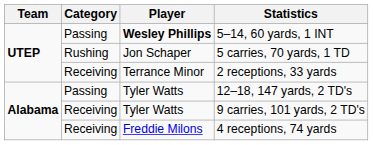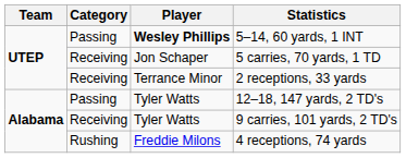 <table class="wikitable" style="float: right;">
 <tr>
 <th>Team</th>
 <th>Category</th>
 <th>Player</th>
 <th>Statistics</th>
 </tr>
 <tr>
 <td rowspan=3><strong>UTEP</strong></td>
 <td>Passing</td>
 <td><strong>Wesley Phillips</strong></td>
 <td>5–14, 60 yards, 1 INT</td>
 </tr>
 <tr>
-<td>Rushing</td>
+<td>Receiving</td>
 <td>Jon Schaper</td>
 <td>5 carries, 70 yards, 1 TD</td>
 </tr>
 <tr>
 <td>Receiving</td>
 <td>Terrance Minor</td>
 <td>2 receptions, 33 yards</td>
 </tr>
 <tr>
 <td rowspan=3><strong>Alabama</strong></td>
 <td>Passing</td>
 <td>Tyler Watts</td>
 <td>12–18, 147 yards, 2 TD's</td>
 </tr>
 <tr>
 <td>Receiving</td>
 <td>Tyler Watts</td>
 <td>9 carries, 101 yards, 2 TD's</td>
 </tr>
 <tr>
-<td>Receiving</td>
+<td>Rushing</td>
 <td><a href='#'>Freddie Milons</a></td>
 <td>4 receptions, 74 yards</td>
 </tr>
 </table>
